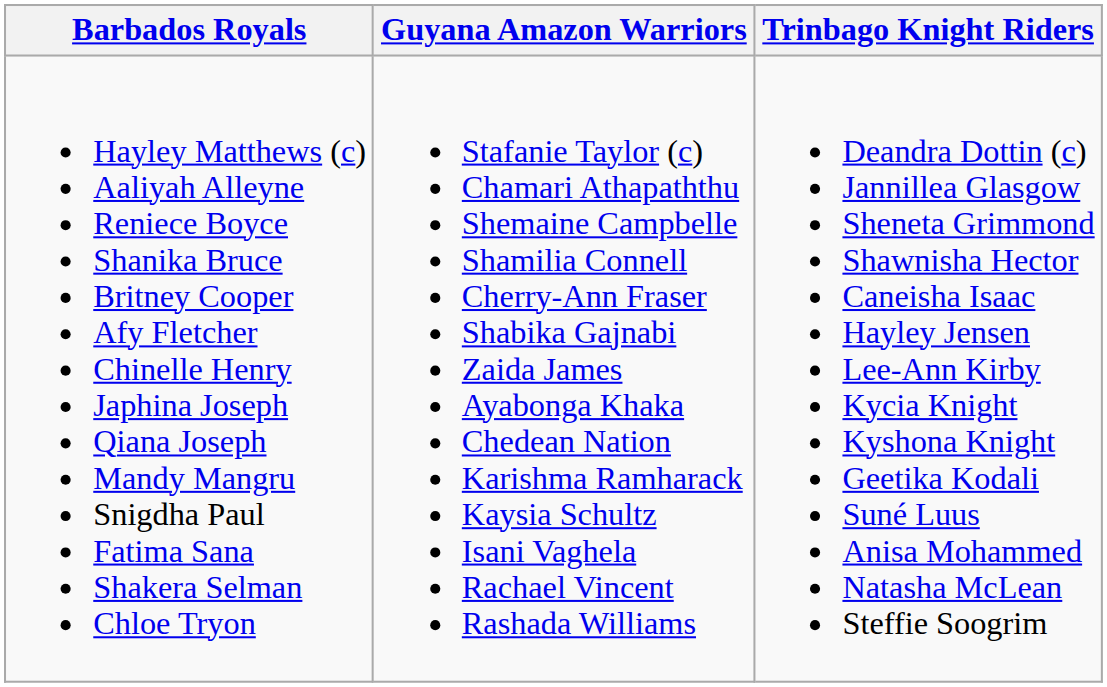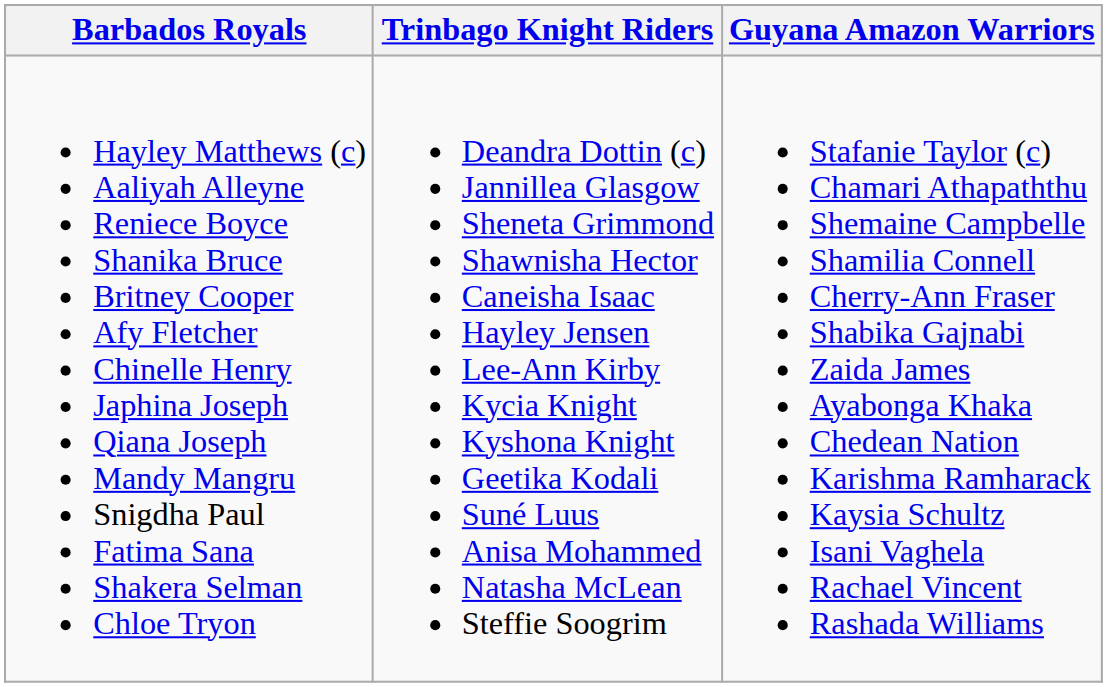 <table class="wikitable">
 <tr>
 <th><a href='#'>Barbados Royals</a></th>
+<th><a href='#'>Trinbago Knight Riders</a></th>
 <th><a href='#'>Guyana Amazon Warriors</a></th>
-<th><a href='#'>Trinbago Knight Riders</a></th>
 </tr>
 <tr style="vertical-align:top">
 <td><br><ul><li><a href='#'>Hayley Matthews</a> (<a href='#'>c</a>)</li><li><a href='#'>Aaliyah Alleyne</a></li><li><a href='#'>Reniece Boyce</a></li><li><a href='#'>Shanika Bruce</a></li><li><a href='#'>Britney Cooper</a></li><li><a href='#'>Afy Fletcher</a></li><li><a href='#'>Chinelle Henry</a></li><li><a href='#'>Japhina Joseph</a></li><li><a href='#'>Qiana Joseph</a></li><li><a href='#'>Mandy Mangru</a></li><li>Snigdha Paul</li><li><a href='#'>Fatima Sana</a></li><li><a href='#'>Shakera Selman</a></li><li><a href='#'>Chloe Tryon</a></li></ul></td>
+<td><br><ul><li><a href='#'>Deandra Dottin</a> (<a href='#'>c</a>)</li><li><a href='#'>Jannillea Glasgow</a></li><li><a href='#'>Sheneta Grimmond</a></li><li><a href='#'>Shawnisha Hector</a></li><li><a href='#'>Caneisha Isaac</a></li><li><a href='#'>Hayley Jensen</a></li><li><a href='#'>Lee-Ann Kirby</a></li><li><a href='#'>Kycia Knight</a></li><li><a href='#'>Kyshona Knight</a></li><li><a href='#'>Geetika Kodali</a></li><li><a href='#'>Suné Luus</a></li><li><a href='#'>Anisa Mohammed</a></li><li><a href='#'>Natasha McLean</a></li><li>Steffie Soogrim</li></ul></td>
 <td><br><ul><li><a href='#'>Stafanie Taylor</a> (<a href='#'>c</a>)</li><li><a href='#'>Chamari Athapaththu</a></li><li><a href='#'>Shemaine Campbelle</a></li><li><a href='#'>Shamilia Connell</a></li><li><a href='#'>Cherry-Ann Fraser</a></li><li><a href='#'>Shabika Gajnabi</a></li><li><a href='#'>Zaida James</a></li><li><a href='#'>Ayabonga Khaka</a></li><li><a href='#'>Chedean Nation</a></li><li><a href='#'>Karishma Ramharack</a></li><li><a href='#'>Kaysia Schultz</a></li><li><a href='#'>Isani Vaghela</a></li><li><a href='#'>Rachael Vincent</a></li><li><a href='#'>Rashada Williams</a></li></ul></td>
-<td><br><ul><li><a href='#'>Deandra Dottin</a> (<a href='#'>c</a>)</li><li><a href='#'>Jannillea Glasgow</a></li><li><a href='#'>Sheneta Grimmond</a></li><li><a href='#'>Shawnisha Hector</a></li><li><a href='#'>Caneisha Isaac</a></li><li><a href='#'>Hayley Jensen</a></li><li><a href='#'>Lee-Ann Kirby</a></li><li><a href='#'>Kycia Knight</a></li><li><a href='#'>Kyshona Knight</a></li><li><a href='#'>Geetika Kodali</a></li><li><a href='#'>Suné Luus</a></li><li><a href='#'>Anisa Mohammed</a></li><li><a href='#'>Natasha McLean</a></li><li>Steffie Soogrim</li></ul></td>
 </tr>
 </table>
